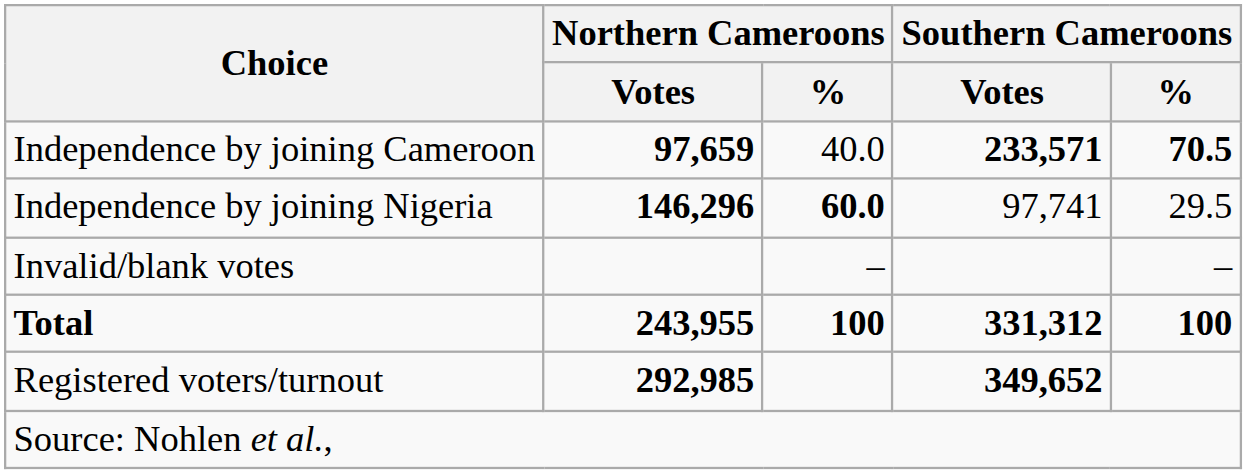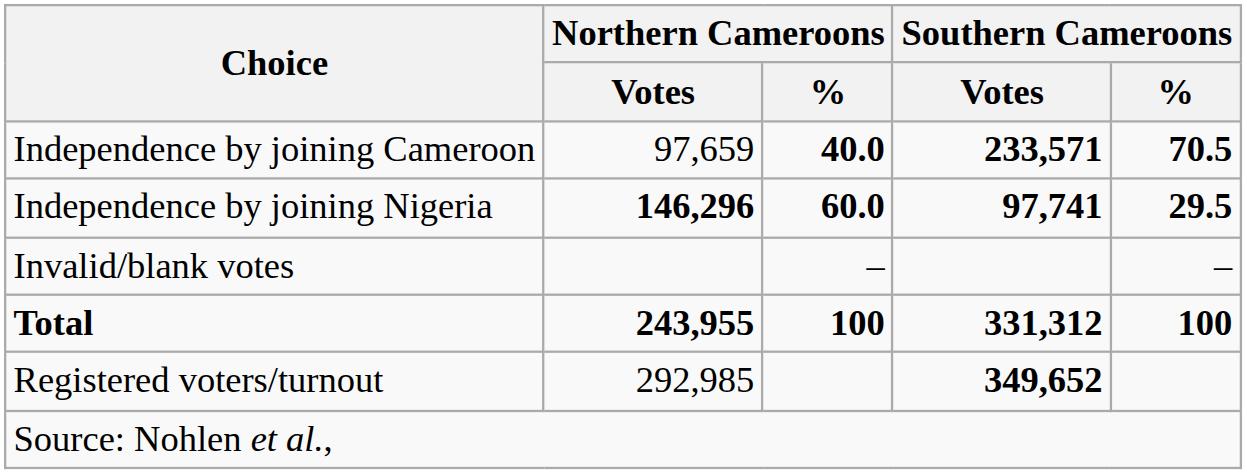 <table class=wikitable style=text-align:right>
 <tr>
 <th rowspan=2>Choice</th>
 <th colspan=2>Northern Cameroons</th>
 <th colspan=2>Southern Cameroons</th>
 </tr>
 <tr>
 <th>Votes</th>
 <th>%</th>
 <th>Votes</th>
 <th>%</th>
 </tr>
 <tr>
 <td align=left>Independence by joining Cameroon</td>
-<td><strong>97,659</strong></td>
-<td>40.0</td>
+<td>97,659</td>
+<td><strong>40.0</strong></td>
 <td><strong>233,571</strong></td>
 <td><strong>70.5</strong></td>
 </tr>
 <tr>
 <td align=left>Independence by joining Nigeria</td>
 <td><strong>146,296</strong></td>
 <td><strong>60.0</strong></td>
-<td>97,741</td>
-<td>29.5</td>
+<td><strong>97,741</strong></td>
+<td><strong>29.5</strong></td>
 </tr>
 <tr>
 <td align=left>Invalid/blank votes</td>
 <td></td>
 <td>–</td>
 <td></td>
 <td>–</td>
 </tr>
 <tr>
 <td align=left><strong>Total</strong></td>
 <td><strong>243,955</strong></td>
 <td><strong>100</strong></td>
 <td><strong>331,312</strong></td>
 <td><strong>100</strong></td>
 </tr>
 <tr>
 <td align=left>Registered voters/turnout</td>
-<td><strong>292,985</strong></td>
+<td>292,985</td>
 <td></td>
 <td><strong>349,652</strong></td>
 <td></td>
 </tr>
 <tr>
 <td colspan=5 align=left>Source: Nohlen <em>et al.</em>, </td>
 </tr>
 </table>
